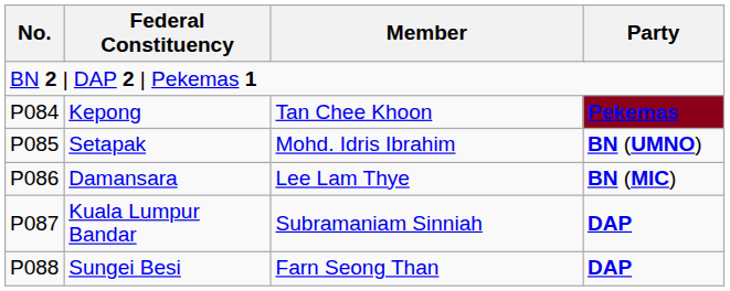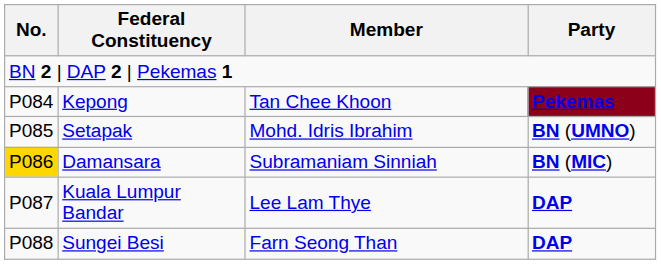 <table class="wikitable sortable">
 <tr>
 <th style="width:30px;">No.</th>
 <th style="width:150px;">Federal Constituency</th>
 <th style="width:230px;">Member</th>
 <th style="width:100px;">Party</th>
 </tr>
 <tr>
 <td colspan="4"><a href='#'>BN</a> <strong>2</strong> | <a href='#'>DAP</a> <strong>2</strong> | <a href='#'>Pekemas</a> <strong>1</strong></td>
 </tr>
 <tr>
 <td>P084</td>
 <td><a href='#'>Kepong</a></td>
 <td><a href='#'>Tan Chee Khoon</a></td>
 <td bgcolor=#8C001A><strong><a href='#'>Pekemas</a></strong></td>
 </tr>
 <tr>
 <td>P085</td>
 <td><a href='#'>Setapak</a></td>
 <td><a href='#'>Mohd. Idris Ibrahim</a></td>
 <td><strong><a href='#'>BN</a></strong> (<strong><a href='#'>UMNO</a></strong>)</td>
 </tr>
 <tr>
-<td>P086</td>
+<td style="background: gold;">P086</td>
 <td><a href='#'>Damansara</a></td>
-<td><a href='#'>Lee Lam Thye</a></td>
+<td><a href='#'>Subramaniam Sinniah</a></td>
 <td><strong><a href='#'>BN</a></strong> (<strong><a href='#'>MIC</a></strong>)</td>
 </tr>
 <tr>
 <td>P087</td>
 <td><a href='#'>Kuala Lumpur Bandar</a></td>
-<td><a href='#'>Subramaniam Sinniah</a></td>
+<td><a href='#'>Lee Lam Thye</a></td>
 <td><strong><a href='#'>DAP</a></strong></td>
 </tr>
 <tr>
 <td>P088</td>
 <td><a href='#'>Sungei Besi</a></td>
 <td><a href='#'>Farn Seong Than</a></td>
 <td><strong><a href='#'>DAP</a></strong></td>
 </tr>
 </table>
